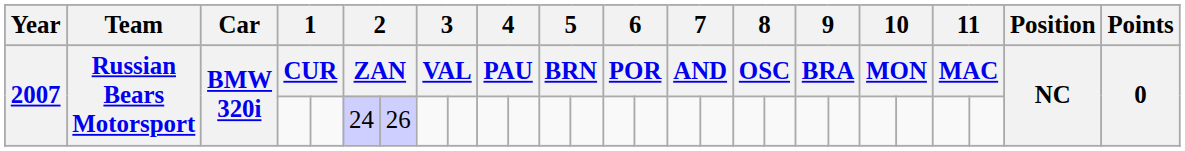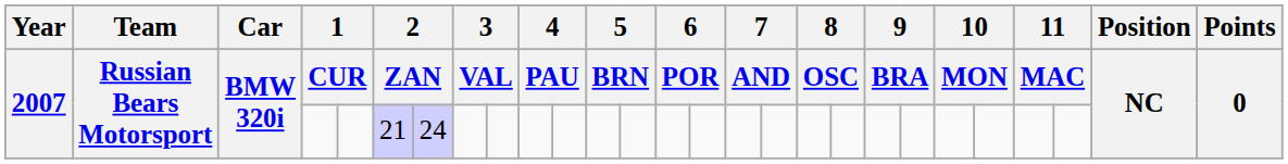 <table class="wikitable" style="text-align:center; font-size:85%">
 <tr>
 <th>Year</th>
 <th>Team</th>
 <th>Car</th>
 <th colspan=2>1</th>
 <th colspan=2>2</th>
 <th colspan=2>3</th>
 <th colspan=2>4</th>
 <th colspan=2>5</th>
 <th colspan=2>6</th>
 <th colspan=2>7</th>
 <th colspan=2>8</th>
 <th colspan=2>9</th>
 <th colspan=2>10</th>
 <th colspan=2>11</th>
 <th>Position</th>
 <th>Points</th>
 </tr>
 <tr>
 <th rowspan=2><a href='#'>2007</a></th>
 <th rowspan=2><a href='#'>Russian Bears Motorsport</a></th>
 <th rowspan=2><a href='#'>BMW 320i</a></th>
 <th colspan=2><a href='#'>CUR</a> </th>
 <th colspan=2><a href='#'>ZAN</a> </th>
 <th colspan=2><a href='#'>VAL</a> </th>
 <th colspan=2><a href='#'>PAU</a> </th>
 <th colspan=2><a href='#'>BRN</a> </th>
 <th colspan=2><a href='#'>POR</a> </th>
 <th colspan=2><a href='#'>AND</a> </th>
 <th colspan=2><a href='#'>OSC</a> </th>
 <th colspan=2><a href='#'>BRA</a> </th>
 <th colspan=2><a href='#'>MON</a> </th>
 <th colspan=2><a href='#'>MAC</a> </th>
 <th rowspan=2>NC</th>
 <th rowspan=2>0</th>
 </tr>
 <tr>
 <td></td>
 <td></td>
+<td style="background:#cfcfff;">21</td>
 <td style="background:#cfcfff;">24</td>
-<td style="background:#cfcfff;">26</td>
 <td></td>
 <td></td>
 <td></td>
 <td></td>
 <td></td>
 <td></td>
 <td></td>
 <td></td>
 <td></td>
 <td></td>
 <td></td>
 <td></td>
 <td></td>
 <td></td>
 <td></td>
 <td></td>
 <td></td>
 <td></td>
 </tr>
 </table>
